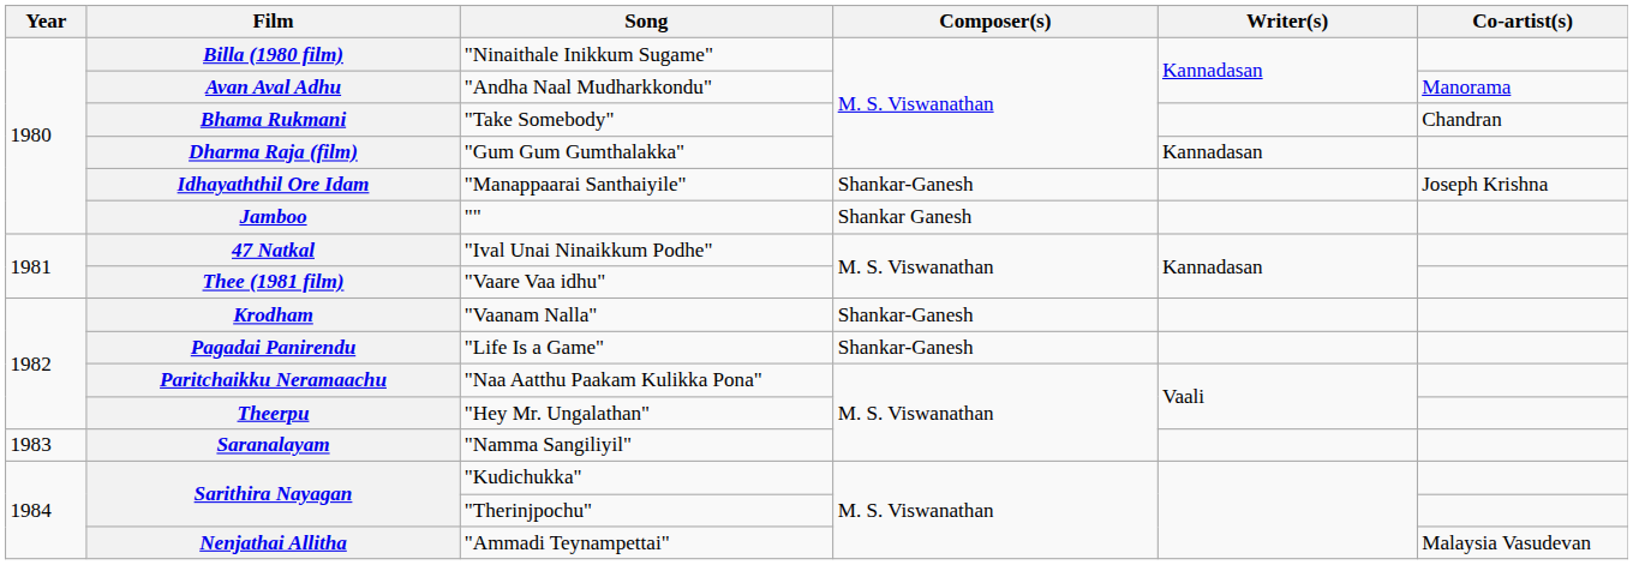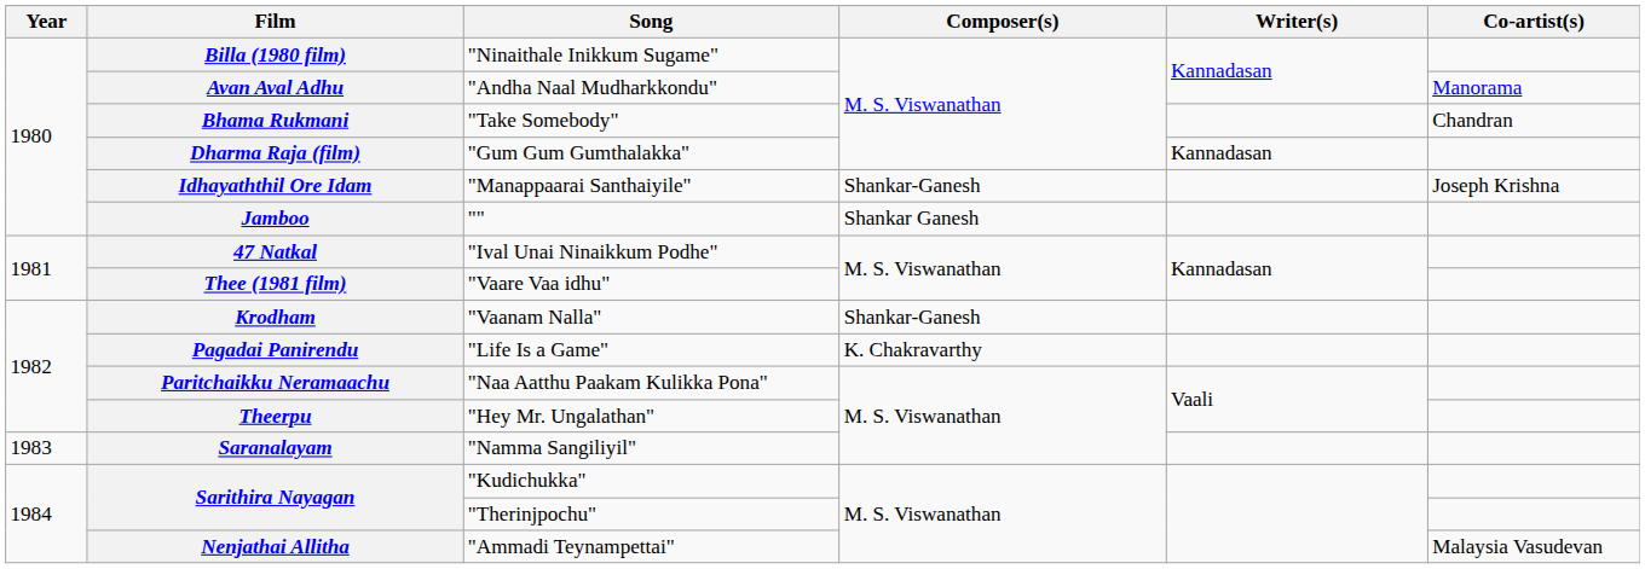 <table class="wikitable plainrowheaders" width="100%" textcolor:#000;">
 <tr style="background:#b0e0e66;">
 <th scope="col" width=5%><strong>Year</strong></th>
 <th scope="col" width=23%><strong>Film</strong></th>
 <th scope="col" width=23%><strong>Song</strong></th>
 <th scope="col" width=20%><strong>Composer(s)</strong></th>
 <th scope="col" width=16%><strong>Writer(s)</strong></th>
 <th scope="col" width=18%><strong>Co-artist(s)</strong></th>
 </tr>
 <tr>
 <td rowspan="6">1980</td>
 <th><em><a href='#'>Billa (1980 film)</a></em></th>
 <td>"Ninaithale Inikkum Sugame"</td>
 <td rowspan="4"><a href='#'>M. S. Viswanathan</a></td>
 <td rowspan="2"><a href='#'>Kannadasan</a></td>
 <td></td>
 </tr>
 <tr>
 <th><em><a href='#'>Avan Aval Adhu</a></em></th>
 <td>"Andha Naal Mudharkkondu"</td>
 <td><a href='#'>Manorama</a></td>
 </tr>
 <tr>
 <th><em><a href='#'>Bhama Rukmani</a></em></th>
 <td>"Take Somebody"</td>
 <td></td>
 <td>Chandran</td>
 </tr>
 <tr>
 <th><em><a href='#'>Dharma Raja (film)</a></em></th>
 <td>"Gum Gum Gumthalakka"</td>
 <td>Kannadasan</td>
 <td></td>
 </tr>
 <tr>
 <th><em><a href='#'>Idhayaththil Ore Idam</a></em></th>
 <td>"Manappaarai Santhaiyile"</td>
 <td>Shankar-Ganesh</td>
 <td></td>
 <td>Joseph Krishna</td>
 </tr>
 <tr>
 <th><em><a href='#'>Jamboo</a></em></th>
 <td>""</td>
 <td>Shankar Ganesh</td>
 <td></td>
 <td></td>
 </tr>
 <tr>
 <td rowspan="2">1981</td>
 <th><em><a href='#'>47 Natkal</a></em></th>
 <td>"Ival Unai Ninaikkum Podhe"</td>
 <td rowspan="2">M. S. Viswanathan</td>
 <td rowspan="2">Kannadasan</td>
 <td></td>
 </tr>
 <tr>
 <th><em><a href='#'>Thee (1981 film)</a></em></th>
 <td>"Vaare Vaa idhu"</td>
 <td></td>
 </tr>
 <tr>
 <td rowspan="4">1982</td>
 <th><em><a href='#'>Krodham</a></em></th>
 <td>"Vaanam Nalla"</td>
 <td>Shankar-Ganesh</td>
 <td></td>
 <td></td>
 </tr>
 <tr>
 <th><em><a href='#'>Pagadai Panirendu</a></em></th>
 <td>"Life Is a Game"</td>
-<td>Shankar-Ganesh</td>
+<td>K. Chakravarthy</td>
 <td></td>
 <td></td>
 </tr>
 <tr>
 <th><em><a href='#'>Paritchaikku Neramaachu</a></em></th>
 <td>"Naa Aatthu Paakam Kulikka Pona"</td>
 <td rowspan="3">M. S. Viswanathan</td>
 <td rowspan="2">Vaali</td>
 <td></td>
 </tr>
 <tr>
 <th><em><a href='#'>Theerpu</a></em></th>
 <td>"Hey Mr. Ungalathan"</td>
 <td></td>
 </tr>
 <tr>
 <td>1983</td>
 <th><em><a href='#'>Saranalayam</a></em></th>
 <td>"Namma Sangiliyil"</td>
 <td></td>
 <td></td>
 </tr>
 <tr>
 <td rowspan="3">1984</td>
 <th rowspan="2"><em><a href='#'>Sarithira Nayagan</a></em></th>
 <td>"Kudichukka"</td>
 <td rowspan="3">M. S. Viswanathan</td>
 <td rowspan="3"></td>
 <td></td>
 </tr>
 <tr>
 <td>"Therinjpochu"</td>
 <td></td>
 </tr>
 <tr>
 <th><em><a href='#'>Nenjathai Allitha</a></em></th>
 <td>"Ammadi Teynampettai"</td>
 <td>Malaysia Vasudevan</td>
 </tr>
 </table>
